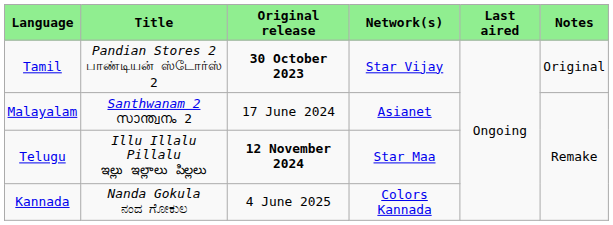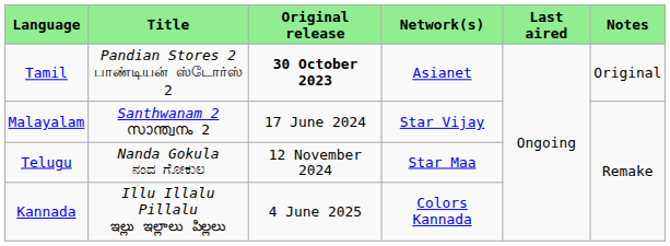 <table class="wikitable" style="text-align:center;">
 <tr>
 <th style="background:LightGreen;">Language</th>
 <th style="background:LightGreen;">Title</th>
 <th style="background:LightGreen;">Original release</th>
 <th style="background:LightGreen;">Network(s)</th>
 <th style="background:LightGreen;">Last aired</th>
 <th style="background:LightGreen;">Notes</th>
 </tr>
 <tr>
 <td><a href='#'>Tamil</a></td>
 <td><em>Pandian Stores 2</em> <br>பாண்டியன் ஸ்டோர்ஸ் 2</td>
 <td><strong>30 October 2023</strong></td>
-<td><a href='#'>Star Vijay</a></td>
+<td><a href='#'>Asianet</a></td>
 <td rowspan="4">Ongoing</td>
 <td>Original</td>
 </tr>
 <tr>
 <td><a href='#'>Malayalam</a></td>
 <td><em><a href='#'>Santhwanam 2</a></em> <br> സാന്ത്വനം 2</td>
 <td>17 June 2024</td>
-<td><a href='#'>Asianet</a></td>
+<td><a href='#'>Star Vijay</a></td>
 <td rowspan="3">Remake</td>
 </tr>
 <tr>
 <td><a href='#'>Telugu</a></td>
-<td><em>Illu Illalu Pillalu</em> <br> ఇల్లు ఇల్లాలు పిల్లలు</td>
-<td><strong>12 November 2024</strong></td>
+<td><em>Nanda Gokula</em> <br> ನಂದ ಗೋಕುಲ</td>
+<td>12 November 2024</td>
 <td><a href='#'>Star Maa</a></td>
 </tr>
 <tr>
 <td><a href='#'>Kannada</a></td>
-<td><em>Nanda Gokula</em> <br> ನಂದ ಗೋಕುಲ</td>
+<td><em>Illu Illalu Pillalu</em> <br> ఇల్లు ఇల్లాలు పిల్లలు</td>
 <td>4 June 2025</td>
 <td><a href='#'>Colors Kannada</a></td>
 </tr>
 </table>
